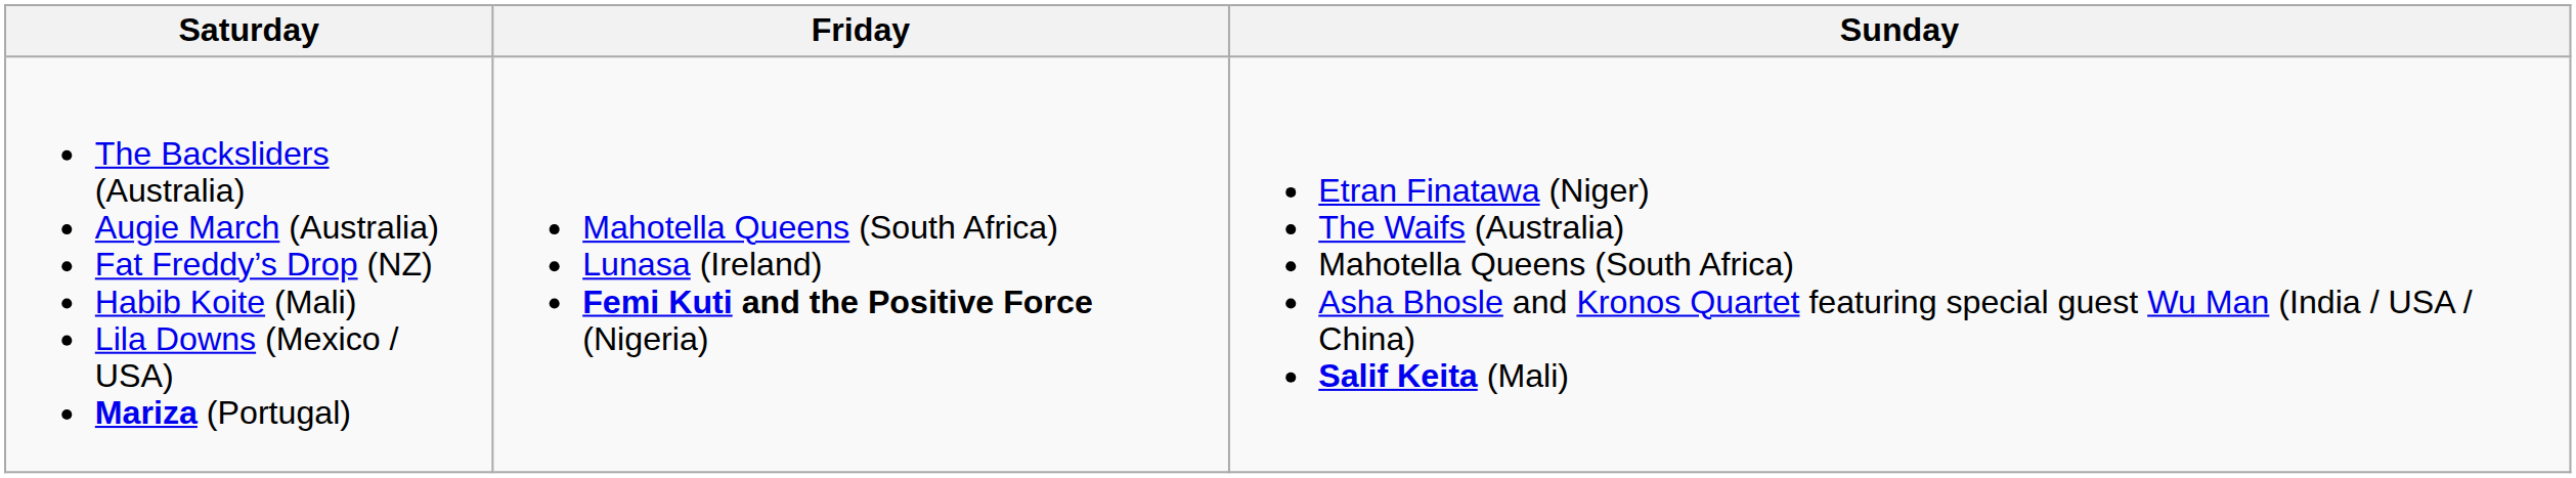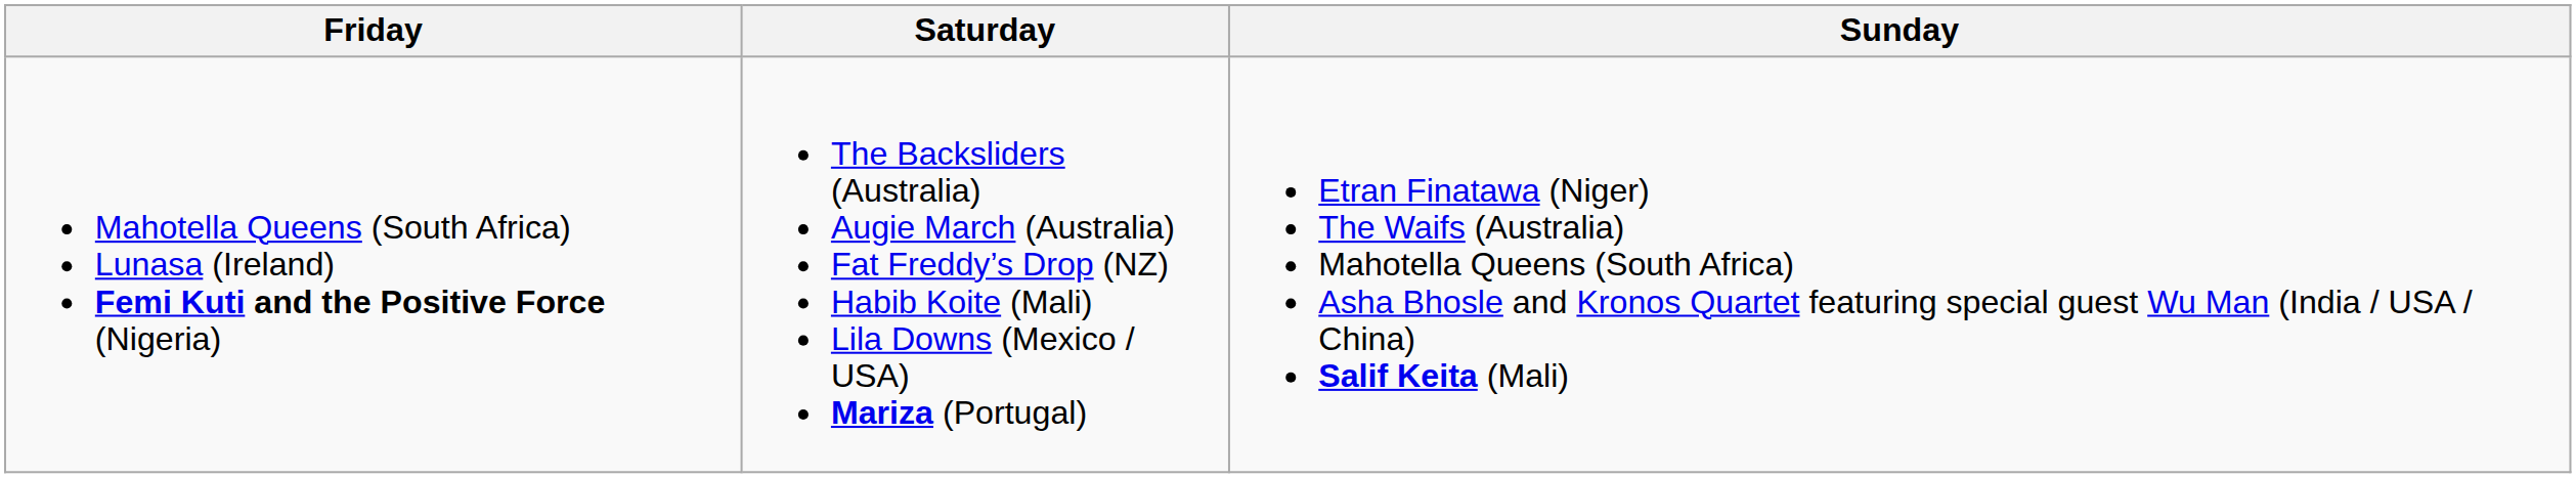 <table class="wikitable">
 <tr>
+<th>Friday</th>
 <th>Saturday</th>
-<th>Friday</th>
 <th>Sunday</th>
 </tr>
 <tr>
+<td><br><ul><li><a href='#'>Mahotella Queens</a> (South Africa)</li><li><a href='#'>Lunasa</a> (Ireland)</li><li><strong><a href='#'>Femi Kuti</a> and the Positive Force</strong> (Nigeria)</li></ul></td>
 <td><br><ul><li><a href='#'>The Backsliders</a> (Australia)</li><li><a href='#'>Augie March</a> (Australia)</li><li><a href='#'>Fat Freddy’s Drop</a> (NZ)</li><li><a href='#'>Habib Koite</a> (Mali)</li><li><a href='#'>Lila Downs</a> (Mexico / USA)</li><li><strong><a href='#'>Mariza</a></strong> (Portugal)</li></ul></td>
-<td><br><ul><li><a href='#'>Mahotella Queens</a> (South Africa)</li><li><a href='#'>Lunasa</a> (Ireland)</li><li><strong><a href='#'>Femi Kuti</a> and the Positive Force</strong> (Nigeria)</li></ul></td>
 <td><br><ul><li><a href='#'>Etran Finatawa</a> (Niger)</li><li><a href='#'>The Waifs</a> (Australia)</li><li>Mahotella Queens (South Africa)</li><li><a href='#'>Asha Bhosle</a> and <a href='#'>Kronos Quartet</a> featuring special guest <a href='#'>Wu Man</a> (India / USA / China)</li><li><strong><a href='#'>Salif Keita</a></strong> (Mali)</li></ul></td>
 </tr>
 </table>
